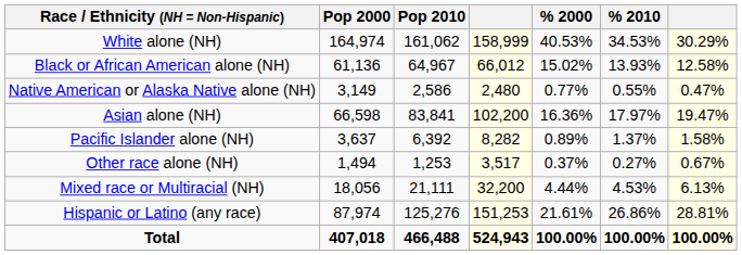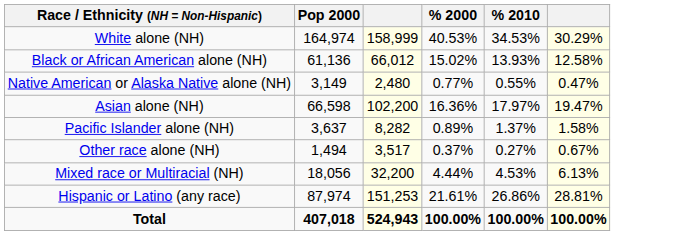 <table class="wikitable" style="text-align:center;">
 <tr>
 <th>Race / Ethnicity <small>(<em>NH = Non-Hispanic</em>)</small></th>
 <th>Pop 2000</th>
-<th>Pop 2010</th>
 <th></th>
 <th>% 2000</th>
 <th>% 2010</th>
 <th></th>
 </tr>
 <tr>
 <td><a href='#'>White</a> alone (NH)</td>
 <td>164,974</td>
-<td>161,062</td>
 <td style='background: #ffffe6;'>158,999</td>
 <td>40.53%</td>
 <td>34.53%</td>
 <td style='background: #ffffe6;'>30.29%</td>
 </tr>
 <tr>
 <td><a href='#'>Black or African American</a> alone (NH)</td>
 <td>61,136</td>
-<td>64,967</td>
 <td style='background: #ffffe6;'>66,012</td>
 <td>15.02%</td>
 <td>13.93%</td>
 <td style='background: #ffffe6;'>12.58%</td>
 </tr>
 <tr>
 <td><a href='#'>Native American</a> or <a href='#'>Alaska Native</a> alone (NH)</td>
 <td>3,149</td>
-<td>2,586</td>
 <td style='background: #ffffe6;'>2,480</td>
 <td>0.77%</td>
 <td>0.55%</td>
 <td style='background: #ffffe6;'>0.47%</td>
 </tr>
 <tr>
 <td><a href='#'>Asian</a> alone (NH)</td>
 <td>66,598</td>
-<td>83,841</td>
 <td style='background: #ffffe6;'>102,200</td>
 <td>16.36%</td>
 <td>17.97%</td>
 <td style='background: #ffffe6;'>19.47%</td>
 </tr>
 <tr>
 <td><a href='#'>Pacific Islander</a> alone (NH)</td>
 <td>3,637</td>
-<td>6,392</td>
 <td style='background: #ffffe6;'>8,282</td>
 <td>0.89%</td>
 <td>1.37%</td>
 <td style='background: #ffffe6;'>1.58%</td>
 </tr>
 <tr>
 <td><a href='#'>Other race</a> alone (NH)</td>
 <td>1,494</td>
-<td>1,253</td>
 <td style='background: #ffffe6;'>3,517</td>
 <td>0.37%</td>
 <td>0.27%</td>
 <td style='background: #ffffe6;'>0.67%</td>
 </tr>
 <tr>
 <td><a href='#'>Mixed race or Multiracial</a> (NH)</td>
 <td>18,056</td>
-<td>21,111</td>
 <td style='background: #ffffe6;'>32,200</td>
 <td>4.44%</td>
 <td>4.53%</td>
 <td style='background: #ffffe6;'>6.13%</td>
 </tr>
 <tr>
 <td><a href='#'>Hispanic or Latino</a> (any race)</td>
 <td>87,974</td>
-<td>125,276</td>
 <td style='background: #ffffe6;'>151,253</td>
 <td>21.61%</td>
 <td>26.86%</td>
 <td style='background: #ffffe6;'>28.81%</td>
 </tr>
 <tr>
 <td><strong>Total</strong></td>
 <td><strong>407,018</strong></td>
-<td><strong>466,488</strong></td>
 <td style='background: #ffffe6;'><strong>524,943</strong></td>
 <td><strong>100.00%</strong></td>
 <td><strong>100.00%</strong></td>
 <td style='background: #ffffe6;'><strong>100.00%</strong></td>
 </tr>
 </table>
